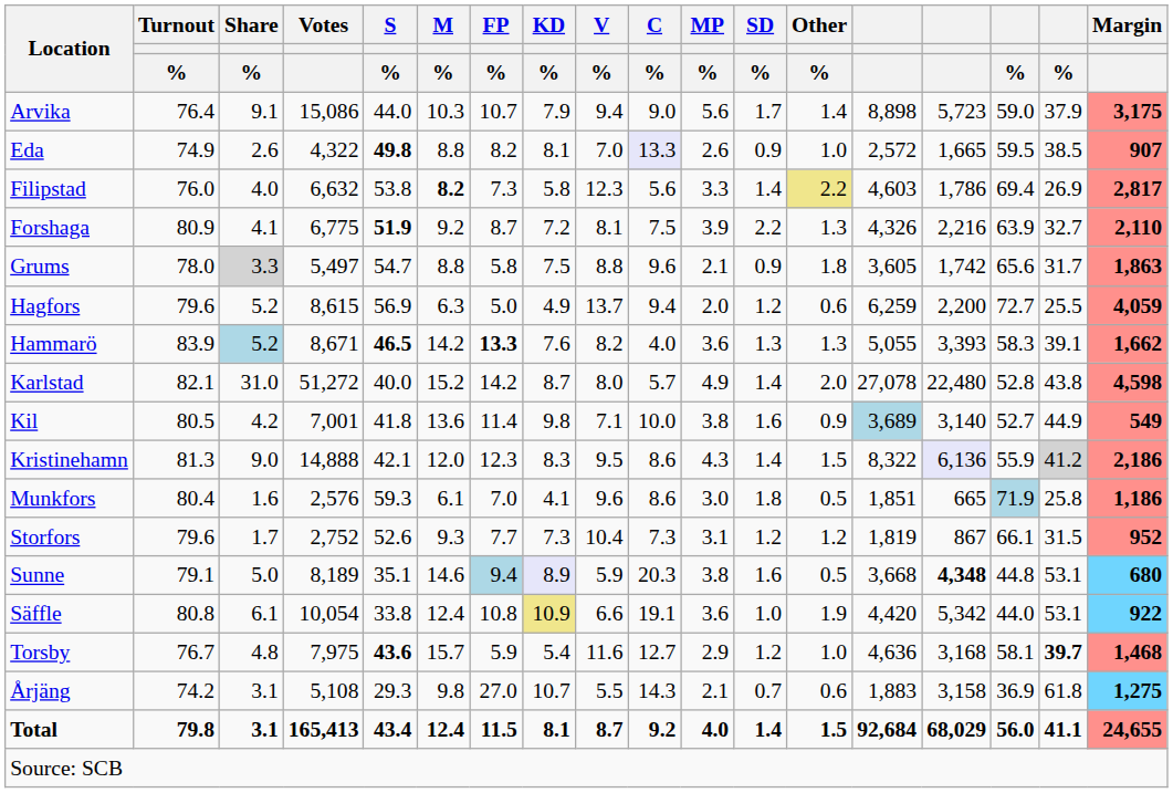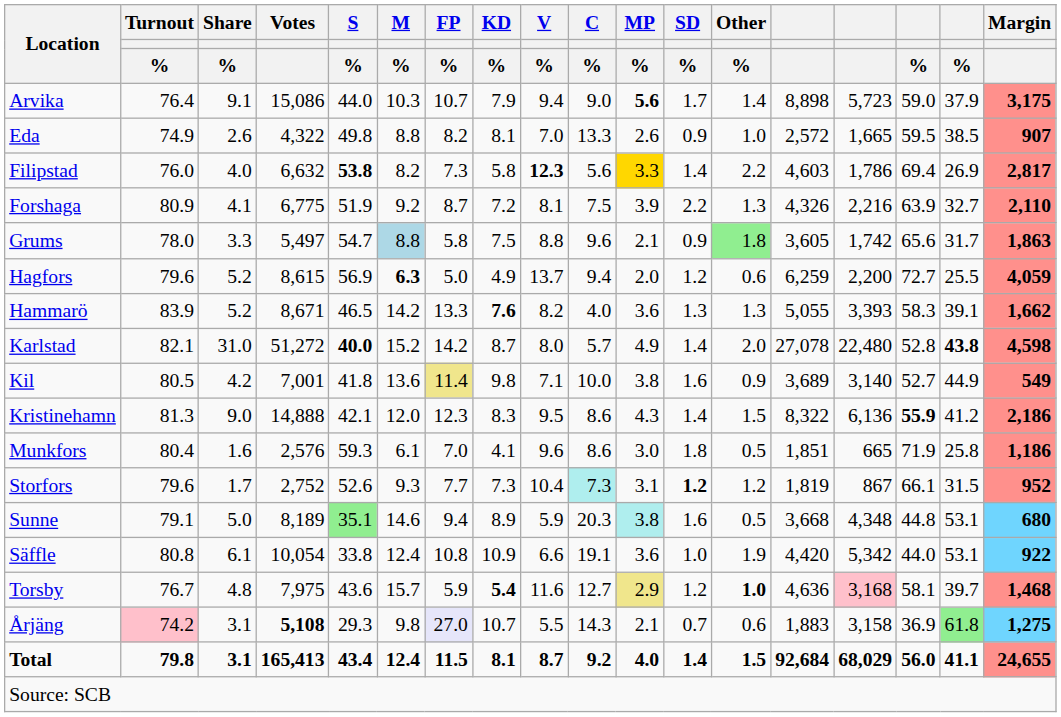 <table class="wikitable sortable" style="text-align:right; font-size:95%; line-height:20px;">
 <tr>
 <th rowspan="3">Location</th>
 <th>Turnout</th>
 <th>Share</th>
 <th>Votes</th>
 <th width="30px" class="unsortable"><a href='#'>S</a></th>
 <th width="30px" class="unsortable"><a href='#'>M</a></th>
 <th width="30px" class="unsortable"><a href='#'>FP</a></th>
 <th width="30px" class="unsortable"><a href='#'>KD</a></th>
 <th width="30px" class="unsortable"><a href='#'>V</a></th>
 <th width="30px" class="unsortable"><a href='#'>C</a></th>
 <th width="30px" class="unsortable"><a href='#'>MP</a></th>
 <th width="30px" class="unsortable"><a href='#'>SD</a></th>
 <th width="30px" class="unsortable">Other</th>
 <th></th>
 <th></th>
 <th></th>
 <th></th>
 <th>Margin</th>
 </tr>
 <tr>
 <th></th>
 <th></th>
 <th></th>
 <th style="background:"></th>
 <th style="background:"></th>
 <th style="background:"></th>
 <th style="background:"></th>
 <th style="background:"></th>
 <th style="background:"></th>
 <th style="background:"></th>
 <th style="background:"></th>
 <th style="background:"></th>
 <th style="background:"></th>
 <th style="background:"></th>
 <th style="background:"></th>
 <th style="background:"></th>
 <th></th>
 </tr>
 <tr>
 <th data-sort-type="number">%</th>
 <th data-sort-type="number">%</th>
 <th></th>
 <th data-sort-type="number">%</th>
 <th data-sort-type="number">%</th>
 <th data-sort-type="number">%</th>
 <th data-sort-type="number">%</th>
 <th data-sort-type="number">%</th>
 <th data-sort-type="number">%</th>
 <th data-sort-type="number">%</th>
 <th data-sort-type="number">%</th>
 <th data-sort-type="number">%</th>
 <th data-sort-type="number"></th>
 <th data-sort-type="number"></th>
 <th data-sort-type="number">%</th>
 <th data-sort-type="number">%</th>
 <th data-sort-type="number"></th>
 </tr>
 <tr>
 <td align=left><a href='#'>Arvika</a></td>
 <td>76.4</td>
 <td>9.1</td>
 <td>15,086</td>
 <td>44.0</td>
 <td>10.3</td>
 <td>10.7</td>
 <td>7.9</td>
 <td>9.4</td>
 <td>9.0</td>
-<td>5.6</td>
+<td><strong>5.6</strong></td>
 <td>1.7</td>
 <td>1.4</td>
 <td>8,898</td>
 <td>5,723</td>
 <td>59.0</td>
 <td>37.9</td>
 <td bgcolor=#ff908c><strong>3,175</strong></td>
 </tr>
 <tr>
 <td align=left><a href='#'>Eda</a></td>
 <td>74.9</td>
 <td>2.6</td>
 <td>4,322</td>
-<td><strong>49.8</strong></td>
+<td>49.8</td>
 <td>8.8</td>
 <td>8.2</td>
 <td>8.1</td>
 <td>7.0</td>
-<td style="background: lavender;">13.3</td>
+<td>13.3</td>
 <td>2.6</td>
 <td>0.9</td>
 <td>1.0</td>
 <td>2,572</td>
 <td>1,665</td>
 <td>59.5</td>
 <td>38.5</td>
 <td bgcolor=#ff908c><strong>907</strong></td>
 </tr>
 <tr>
 <td align=left><a href='#'>Filipstad</a></td>
 <td>76.0</td>
 <td>4.0</td>
 <td>6,632</td>
-<td>53.8</td>
-<td><strong>8.2</strong></td>
+<td><strong>53.8</strong></td>
+<td>8.2</td>
 <td>7.3</td>
 <td>5.8</td>
-<td>12.3</td>
+<td><strong>12.3</strong></td>
 <td>5.6</td>
-<td>3.3</td>
+<td style="background: gold;">3.3</td>
 <td>1.4</td>
-<td style="background: khaki;">2.2</td>
+<td>2.2</td>
 <td>4,603</td>
 <td>1,786</td>
 <td>69.4</td>
 <td>26.9</td>
 <td bgcolor=#ff908c><strong>2,817</strong></td>
 </tr>
 <tr>
 <td align=left><a href='#'>Forshaga</a></td>
 <td>80.9</td>
 <td>4.1</td>
 <td>6,775</td>
-<td><strong>51.9</strong></td>
+<td>51.9</td>
 <td>9.2</td>
 <td>8.7</td>
 <td>7.2</td>
 <td>8.1</td>
 <td>7.5</td>
 <td>3.9</td>
 <td>2.2</td>
 <td>1.3</td>
 <td>4,326</td>
 <td>2,216</td>
 <td>63.9</td>
 <td>32.7</td>
 <td bgcolor=#ff908c><strong>2,110</strong></td>
 </tr>
 <tr>
 <td align=left><a href='#'>Grums</a></td>
 <td>78.0</td>
-<td style="background: lightgrey;">3.3</td>
+<td>3.3</td>
 <td>5,497</td>
 <td>54.7</td>
-<td>8.8</td>
+<td style="background: lightblue;">8.8</td>
 <td>5.8</td>
 <td>7.5</td>
 <td>8.8</td>
 <td>9.6</td>
 <td>2.1</td>
 <td>0.9</td>
-<td>1.8</td>
+<td style="background: lightgreen;">1.8</td>
 <td>3,605</td>
 <td>1,742</td>
 <td>65.6</td>
 <td>31.7</td>
 <td bgcolor=#ff908c><strong>1,863</strong></td>
 </tr>
 <tr>
 <td align=left><a href='#'>Hagfors</a></td>
 <td>79.6</td>
 <td>5.2</td>
 <td>8,615</td>
 <td>56.9</td>
-<td>6.3</td>
+<td><strong>6.3</strong></td>
 <td>5.0</td>
 <td>4.9</td>
 <td>13.7</td>
 <td>9.4</td>
 <td>2.0</td>
 <td>1.2</td>
 <td>0.6</td>
 <td>6,259</td>
 <td>2,200</td>
 <td>72.7</td>
 <td>25.5</td>
 <td bgcolor=#ff908c><strong>4,059</strong></td>
 </tr>
 <tr>
 <td align=left><a href='#'>Hammarö</a></td>
 <td>83.9</td>
-<td style="background: lightblue;">5.2</td>
+<td>5.2</td>
 <td>8,671</td>
-<td><strong>46.5</strong></td>
+<td>46.5</td>
 <td>14.2</td>
-<td><strong>13.3</strong></td>
-<td>7.6</td>
+<td>13.3</td>
+<td><strong>7.6</strong></td>
 <td>8.2</td>
 <td>4.0</td>
 <td>3.6</td>
 <td>1.3</td>
 <td>1.3</td>
 <td>5,055</td>
 <td>3,393</td>
 <td>58.3</td>
 <td>39.1</td>
 <td bgcolor=#ff908c><strong>1,662</strong></td>
 </tr>
 <tr>
 <td align=left><a href='#'>Karlstad</a></td>
 <td>82.1</td>
 <td>31.0</td>
 <td>51,272</td>
-<td>40.0</td>
+<td><strong>40.0</strong></td>
 <td>15.2</td>
 <td>14.2</td>
 <td>8.7</td>
 <td>8.0</td>
 <td>5.7</td>
 <td>4.9</td>
 <td>1.4</td>
 <td>2.0</td>
 <td>27,078</td>
 <td>22,480</td>
 <td>52.8</td>
-<td>43.8</td>
+<td><strong>43.8</strong></td>
 <td bgcolor=#ff908c><strong>4,598</strong></td>
 </tr>
 <tr>
 <td align=left><a href='#'>Kil</a></td>
 <td>80.5</td>
 <td>4.2</td>
 <td>7,001</td>
 <td>41.8</td>
 <td>13.6</td>
-<td>11.4</td>
+<td style="background: khaki;">11.4</td>
 <td>9.8</td>
 <td>7.1</td>
 <td>10.0</td>
 <td>3.8</td>
 <td>1.6</td>
 <td>0.9</td>
-<td style="background: lightblue;">3,689</td>
+<td>3,689</td>
 <td>3,140</td>
 <td>52.7</td>
 <td>44.9</td>
 <td bgcolor=#ff908c><strong>549</strong></td>
 </tr>
 <tr>
 <td align=left><a href='#'>Kristinehamn</a></td>
 <td>81.3</td>
 <td>9.0</td>
 <td>14,888</td>
 <td>42.1</td>
 <td>12.0</td>
 <td>12.3</td>
 <td>8.3</td>
 <td>9.5</td>
 <td>8.6</td>
 <td>4.3</td>
 <td>1.4</td>
 <td>1.5</td>
 <td>8,322</td>
-<td style="background: lavender;">6,136</td>
-<td>55.9</td>
-<td style="background: lightgrey;">41.2</td>
+<td>6,136</td>
+<td><strong>55.9</strong></td>
+<td>41.2</td>
 <td bgcolor=#ff908c><strong>2,186</strong></td>
 </tr>
 <tr>
 <td align=left><a href='#'>Munkfors</a></td>
 <td>80.4</td>
 <td>1.6</td>
 <td>2,576</td>
 <td>59.3</td>
 <td>6.1</td>
 <td>7.0</td>
 <td>4.1</td>
 <td>9.6</td>
 <td>8.6</td>
 <td>3.0</td>
 <td>1.8</td>
 <td>0.5</td>
 <td>1,851</td>
 <td>665</td>
-<td style="background: lightblue;">71.9</td>
+<td>71.9</td>
 <td>25.8</td>
 <td bgcolor=#ff908c><strong>1,186</strong></td>
 </tr>
 <tr>
 <td align=left><a href='#'>Storfors</a></td>
 <td>79.6</td>
 <td>1.7</td>
 <td>2,752</td>
 <td>52.6</td>
 <td>9.3</td>
 <td>7.7</td>
 <td>7.3</td>
 <td>10.4</td>
-<td>7.3</td>
+<td style="background: paleturquoise;">7.3</td>
 <td>3.1</td>
-<td>1.2</td>
+<td><strong>1.2</strong></td>
 <td>1.2</td>
 <td>1,819</td>
 <td>867</td>
 <td>66.1</td>
 <td>31.5</td>
 <td bgcolor=#ff908c><strong>952</strong></td>
 </tr>
 <tr>
 <td align=left><a href='#'>Sunne</a></td>
 <td>79.1</td>
 <td>5.0</td>
 <td>8,189</td>
-<td>35.1</td>
+<td style="background: lightgreen;">35.1</td>
 <td>14.6</td>
-<td style="background: lightblue;">9.4</td>
-<td style="background: lavender;">8.9</td>
+<td>9.4</td>
+<td>8.9</td>
 <td>5.9</td>
 <td>20.3</td>
-<td>3.8</td>
+<td style="background: paleturquoise;">3.8</td>
 <td>1.6</td>
 <td>0.5</td>
 <td>3,668</td>
-<td><strong>4,348</strong></td>
+<td>4,348</td>
 <td>44.8</td>
 <td>53.1</td>
 <td bgcolor=#6fd5fe><strong>680</strong></td>
 </tr>
 <tr>
 <td align=left><a href='#'>Säffle</a></td>
 <td>80.8</td>
 <td>6.1</td>
 <td>10,054</td>
 <td>33.8</td>
 <td>12.4</td>
 <td>10.8</td>
-<td style="background: khaki;">10.9</td>
+<td>10.9</td>
 <td>6.6</td>
 <td>19.1</td>
 <td>3.6</td>
 <td>1.0</td>
 <td>1.9</td>
 <td>4,420</td>
 <td>5,342</td>
 <td>44.0</td>
 <td>53.1</td>
 <td bgcolor=#6fd5fe><strong>922</strong></td>
 </tr>
 <tr>
 <td align=left><a href='#'>Torsby</a></td>
 <td>76.7</td>
 <td>4.8</td>
 <td>7,975</td>
-<td><strong>43.6</strong></td>
+<td>43.6</td>
 <td>15.7</td>
 <td>5.9</td>
-<td>5.4</td>
+<td><strong>5.4</strong></td>
 <td>11.6</td>
 <td>12.7</td>
-<td>2.9</td>
+<td style="background: khaki;">2.9</td>
 <td>1.2</td>
-<td>1.0</td>
+<td><strong>1.0</strong></td>
 <td>4,636</td>
-<td>3,168</td>
+<td style="background: pink;">3,168</td>
 <td>58.1</td>
-<td><strong>39.7</strong></td>
+<td>39.7</td>
 <td bgcolor=#ff908c><strong>1,468</strong></td>
 </tr>
 <tr>
 <td align=left><a href='#'>Årjäng</a></td>
-<td>74.2</td>
+<td style="background: pink;">74.2</td>
 <td>3.1</td>
-<td>5,108</td>
+<td><strong>5,108</strong></td>
 <td>29.3</td>
 <td>9.8</td>
-<td>27.0</td>
+<td style="background: lavender;">27.0</td>
 <td>10.7</td>
 <td>5.5</td>
 <td>14.3</td>
 <td>2.1</td>
 <td>0.7</td>
 <td>0.6</td>
 <td>1,883</td>
 <td>3,158</td>
 <td>36.9</td>
-<td>61.8</td>
+<td style="background: lightgreen;">61.8</td>
 <td bgcolor=#6fd5fe><strong>1,275</strong></td>
 </tr>
 <tr>
 <td align=left><strong>Total</strong></td>
 <td><strong>79.8</strong></td>
 <td><strong>3.1</strong></td>
 <td><strong>165,413</strong></td>
 <td><strong>43.4</strong></td>
 <td><strong>12.4</strong></td>
 <td><strong>11.5</strong></td>
 <td><strong>8.1</strong></td>
 <td><strong>8.7</strong></td>
 <td><strong>9.2</strong></td>
 <td><strong>4.0</strong></td>
 <td><strong>1.4</strong></td>
 <td><strong>1.5</strong></td>
 <td><strong>92,684</strong></td>
 <td><strong>68,029</strong></td>
 <td><strong>56.0</strong></td>
 <td><strong>41.1</strong></td>
 <td bgcolor=#ff908c><strong>24,655</strong></td>
 </tr>
 <tr>
 <td align=left colspan=18>Source: SCB </td>
 </tr>
 </table>
